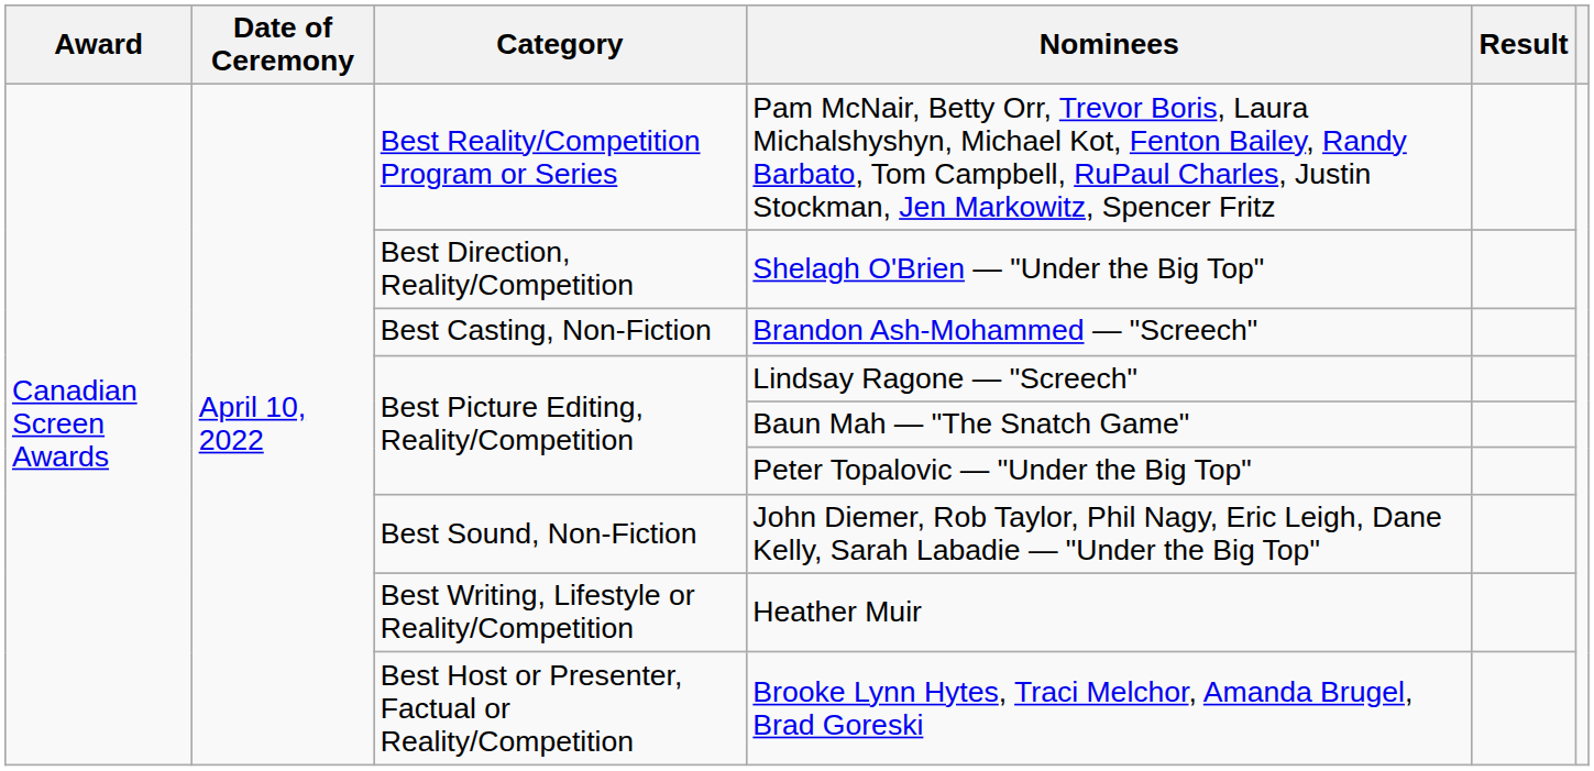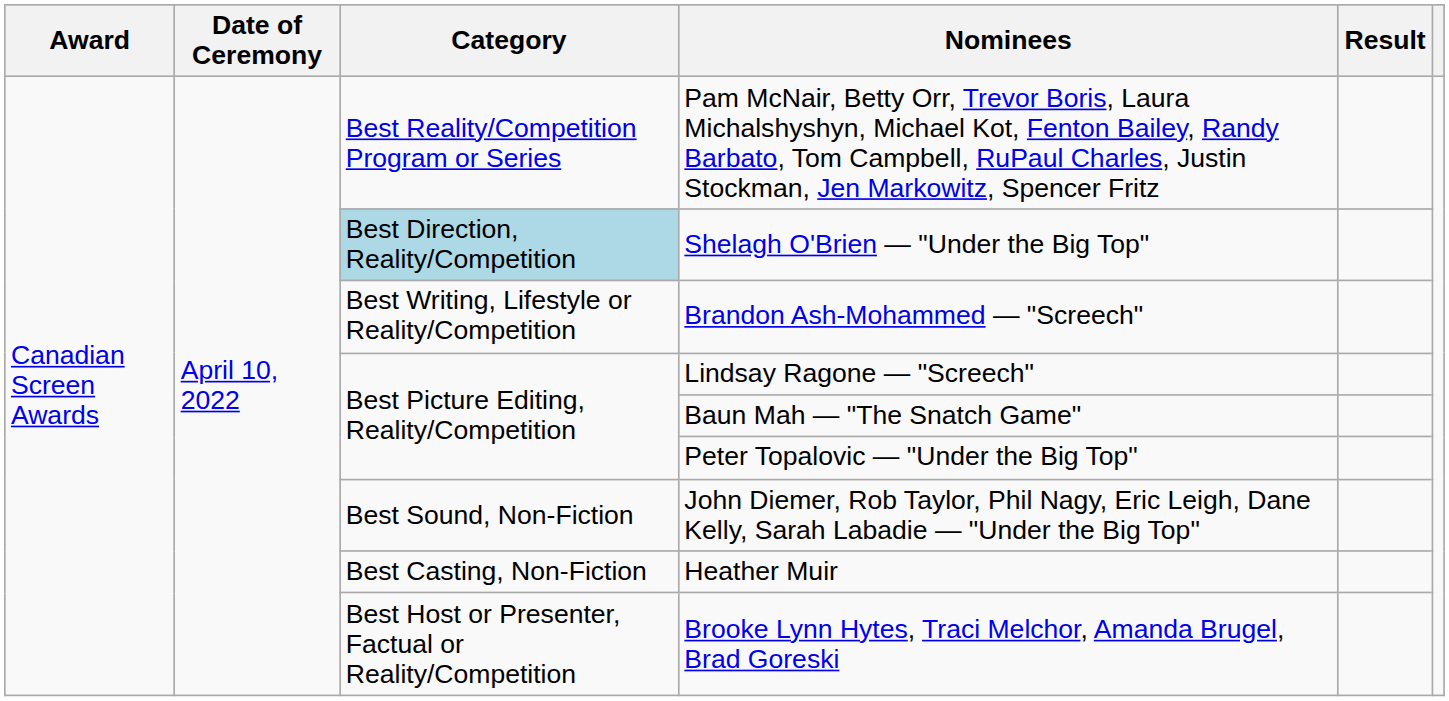 <table class="wikitable">
 <tr>
 <th>Award</th>
 <th>Date of Ceremony</th>
 <th>Category</th>
 <th>Nominees</th>
 <th>Result</th>
 <th></th>
 </tr>
 <tr>
 <td rowspan="9"><a href='#'>Canadian Screen Awards</a></td>
 <td rowspan="9"><a href='#'>April 10, 2022</a></td>
 <td><a href='#'>Best Reality/Competition Program or Series</a></td>
 <td>Pam McNair, Betty Orr, <a href='#'>Trevor Boris</a>, Laura Michalshyshyn, Michael Kot, <a href='#'>Fenton Bailey</a>, <a href='#'>Randy Barbato</a>, Tom Campbell, <a href='#'>RuPaul Charles</a>, Justin Stockman, <a href='#'>Jen Markowitz</a>, Spencer Fritz</td>
 <td></td>
 <td rowspan=9></td>
 </tr>
 <tr>
-<td>Best Direction, Reality/Competition</td>
+<td style="background: lightblue;">Best Direction, Reality/Competition</td>
 <td><a href='#'>Shelagh O'Brien</a> — "Under the Big Top"</td>
 <td></td>
 </tr>
 <tr>
-<td>Best Casting, Non-Fiction</td>
+<td>Best Writing, Lifestyle or Reality/Competition</td>
 <td><a href='#'>Brandon Ash-Mohammed</a> — "Screech"</td>
 <td></td>
 </tr>
 <tr>
 <td rowspan=3>Best Picture Editing, Reality/Competition</td>
 <td>Lindsay Ragone — "Screech"</td>
 <td></td>
 </tr>
 <tr>
 <td>Baun Mah — "The Snatch Game"</td>
 <td></td>
 </tr>
 <tr>
 <td>Peter Topalovic — "Under the Big Top"</td>
 <td></td>
 </tr>
 <tr>
 <td>Best Sound, Non-Fiction</td>
 <td>John Diemer, Rob Taylor, Phil Nagy, Eric Leigh, Dane Kelly, Sarah Labadie — "Under the Big Top"</td>
 <td></td>
 </tr>
 <tr>
-<td>Best Writing, Lifestyle or Reality/Competition</td>
+<td>Best Casting, Non-Fiction</td>
 <td>Heather Muir</td>
 <td></td>
 </tr>
 <tr>
 <td>Best Host or Presenter, Factual or Reality/Competition</td>
 <td><a href='#'>Brooke Lynn Hytes</a>, <a href='#'>Traci Melchor</a>, <a href='#'>Amanda Brugel</a>, <a href='#'>Brad Goreski</a></td>
 <td></td>
 </tr>
 </table>
